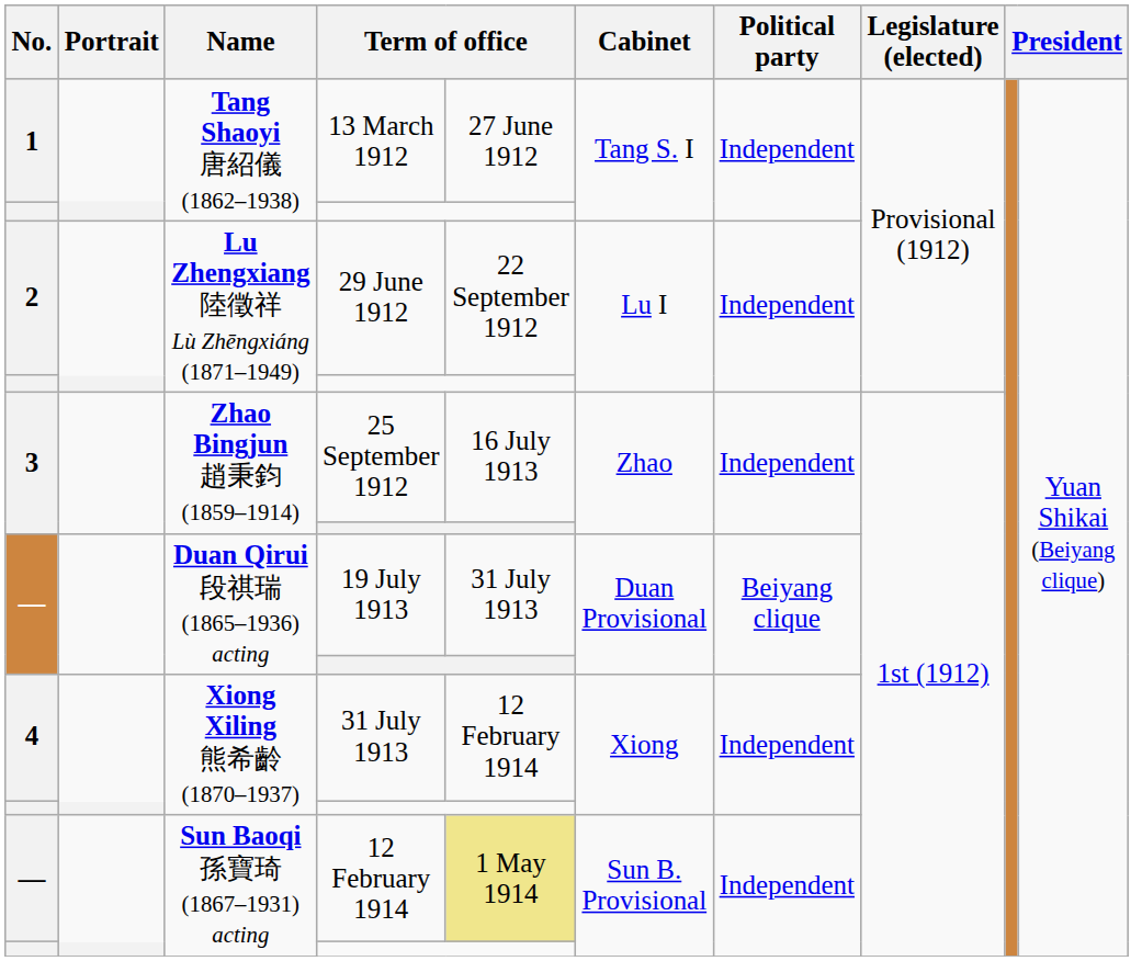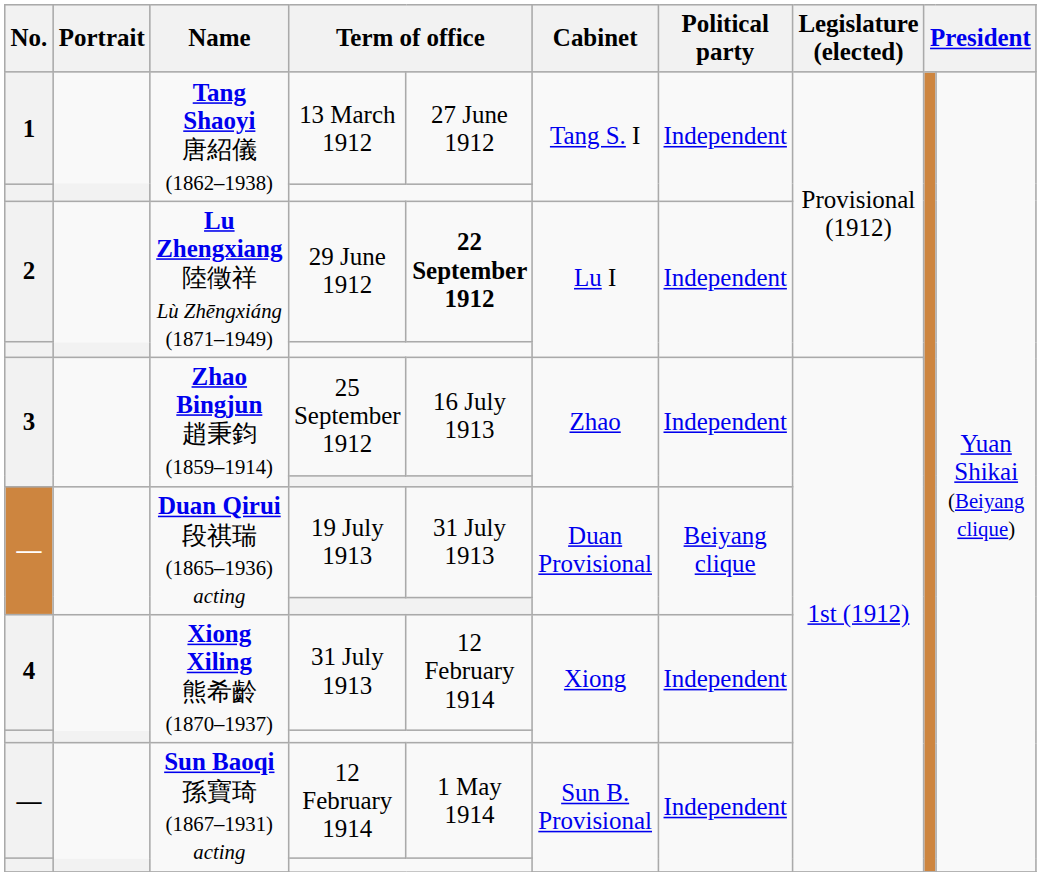 <table class="wikitable" style="text-align:center">
 <tr>
 <th>No.</th>
 <th>Portrait</th>
 <th width=22%>Name<br></th>
 <th colspan=2>Term of office<br></th>
 <th>Cabinet</th>
 <th>Political party</th>
 <th>Legislature<br>(elected)</th>
 <th colspan=2><a href='#'>President</a></th>
 </tr>
 <tr>
 <th style="background:">1</th>
 <td rowspan=2></td>
 <td rowspan=2 align=center><strong><a href='#'>Tang Shaoyi</a></strong><br><span>唐紹儀</span><br><small>(1862–1938)</small></td>
 <td>13 March 1912</td>
 <td>27 June 1912</td>
 <td rowspan=2><a href='#'>Tang S.</a> I</td>
 <td rowspan=2><a href='#'>Independent</a></td>
 <td rowspan=5 align="center">Provisional<br>(1912)</td>
 <td rowspan=13 bgcolor="#CD853F"></td>
 <td rowspan=13><br><a href='#'>Yuan Shikai</a> <br><small>(<a href='#'>Beiyang clique</a>)</small></td>
 </tr>
 <tr>
 <th colspan=2 style="font-size:90%; font-weight:normal"></th>
 </tr>
 <tr>
 <th style="background:">2</th>
 <td rowspan=2></td>
 <td rowspan=2 align=center><strong><a href='#'>Lu Zhengxiang</a></strong><br><span>陸徵祥</span><br><small><em>Lù Zhēngxiáng</em><br>(1871–1949)</small></td>
 <td>29 June 1912</td>
-<td>22 September 1912</td>
+<td><strong>22 September 1912</strong></td>
 <td rowspan=2><a href='#'>Lu</a> I</td>
 <td rowspan=2><a href='#'>Independent</a></td>
 </tr>
 <tr>
 <th colspan=2 style="font-size:90%; font-weight:normal"></th>
 </tr>
 <tr>
 <th rowspan=3 style="background:">3</th>
 <td rowspan=3></td>
 <td rowspan=3 align=center><strong><a href='#'>Zhao Bingjun</a></strong><br><span>趙秉鈞</span><br><small>(1859–1914)</small></td>
 <td rowspan=2>25 September 1912</td>
 <td rowspan=2>16 July 1913</td>
 <td rowspan=3><a href='#'>Zhao</a></td>
 <td rowspan=3><a href='#'>Independent</a></td>
 </tr>
 <tr>
 <td rowspan=8 align="center"><a href='#'>1st (1912)</a></td>
 </tr>
 <tr>
 <th colspan=2 style="font-size:90%; font-weight:normal"></th>
 </tr>
 <tr>
 <th style="background:#CD853F; color:white;" rowspan=2>—</th>
 <td rowspan=2></td>
 <td rowspan=2 align=center><strong><a href='#'>Duan Qirui</a></strong><br><span>段祺瑞</span><br><small>(1865–1936)<br><em>acting</em></small></td>
 <td>19 July 1913</td>
 <td>31 July 1913</td>
 <td rowspan=2><a href='#'>Duan Provisional</a></td>
 <td rowspan=2><a href='#'>Beiyang clique</a></td>
 </tr>
 <tr>
 <th colspan=2 style="font-size:90%; font-weight:normal"></th>
 </tr>
 <tr>
 <th style="background:">4</th>
 <td rowspan=2></td>
 <td rowspan=2 align=center><strong><a href='#'>Xiong Xiling</a></strong><br><span>熊希齡</span><br><small>(1870–1937)</small></td>
 <td>31 July 1913</td>
 <td>12 February 1914</td>
 <td rowspan=2><a href='#'>Xiong</a></td>
 <td rowspan=2><a href='#'>Independent</a></td>
 </tr>
 <tr>
 <th colspan=2 style="font-size:90%; font-weight:normal"></th>
 </tr>
 <tr>
 <th style="background:">—</th>
 <td rowspan=2></td>
 <td rowspan=2 align=center><strong><a href='#'>Sun Baoqi</a></strong><br><span>孫寶琦</span><br><small>(1867–1931)<br><em>acting</em></small></td>
 <td>12 February 1914</td>
-<td style="background: khaki;">1 May 1914</td>
+<td>1 May 1914</td>
 <td rowspan=2><a href='#'>Sun B. Provisional</a></td>
 <td rowspan=2><a href='#'>Independent</a></td>
 </tr>
 <tr>
 <th colspan=2 style="font-size:90%; font-weight:normal"></th>
 </tr>
 <tr>
 </tr>
 </table>
